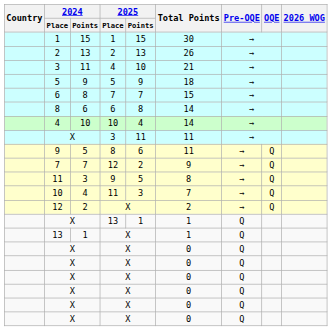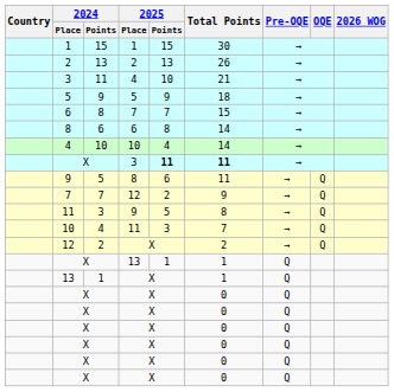 <table class="wikitable sortable" style="text-align:center">
 <tr>
 <th rowspan=2>Country</th>
 <th colspan=2><a href='#'>2024</a></th>
 <th colspan=2><a href='#'>2025</a></th>
 <th rowspan=2>Total Points</th>
 <th rowspan=2><a href='#'>Pre-OQE</a></th>
 <th rowspan=2><a href='#'>OQE</a></th>
 <th rowspan=2><a href='#'>2026 WOG</a></th>
 </tr>
 <tr>
 <th><small>Place</small></th>
 <th><small>Points</small></th>
 <th><small>Place</small></th>
 <th><small>Points</small></th>
 </tr>
 <tr bgcolor=#ccffff>
 <td align=left></td>
 <td>1</td>
 <td>15</td>
 <td>1</td>
 <td>15</td>
 <td>30</td>
 <td colspan=2>→</td>
 <td></td>
 </tr>
 <tr bgcolor=#ccffff>
 <td align=left></td>
 <td>2</td>
 <td>13</td>
 <td>2</td>
 <td>13</td>
 <td>26</td>
 <td colspan=2>→</td>
 <td></td>
 </tr>
 <tr bgcolor=#ccffff>
 <td align=left></td>
 <td>3</td>
 <td>11</td>
 <td>4</td>
 <td>10</td>
 <td>21</td>
 <td colspan=2>→</td>
 <td></td>
 </tr>
 <tr bgcolor=#ccffff>
 <td align=left></td>
 <td>5</td>
 <td>9</td>
 <td>5</td>
 <td>9</td>
 <td>18</td>
 <td colspan=2>→</td>
 <td></td>
 </tr>
 <tr bgcolor=#ccffff>
 <td align=left></td>
 <td>6</td>
 <td>8</td>
 <td>7</td>
 <td>7</td>
 <td>15</td>
 <td colspan=2>→</td>
 <td></td>
 </tr>
 <tr bgcolor=#ccffff>
 <td align=left></td>
 <td>8</td>
 <td>6</td>
 <td>6</td>
 <td>8</td>
 <td>14</td>
 <td colspan=2>→</td>
 <td></td>
 </tr>
 <tr style="background:#ccffcc">
 <td align=left></td>
 <td>4</td>
 <td>10</td>
 <td>10</td>
 <td>4</td>
 <td>14</td>
 <td colspan=2>→</td>
 <td></td>
 </tr>
 <tr bgcolor=#ccffff>
 <td align=left></td>
 <td colspan=2>X</td>
 <td>3</td>
-<td>11</td>
-<td>11</td>
+<td><strong>11</strong></td>
+<td><strong>11</strong></td>
 <td colspan=2>→</td>
 <td></td>
 </tr>
 <tr bgcolor=#ffffcc>
 <td align=left></td>
 <td>9</td>
 <td>5</td>
 <td>8</td>
 <td>6</td>
 <td>11</td>
 <td>→</td>
 <td>Q</td>
 <td></td>
 </tr>
 <tr bgcolor=#ffffcc>
 <td align=left></td>
 <td>7</td>
 <td>7</td>
 <td>12</td>
 <td>2</td>
 <td>9</td>
 <td>→</td>
 <td>Q</td>
 <td></td>
 </tr>
 <tr bgcolor=#ffffcc>
 <td align=left></td>
 <td>11</td>
 <td>3</td>
 <td>9</td>
 <td>5</td>
 <td>8</td>
 <td>→</td>
 <td>Q</td>
 <td></td>
 </tr>
 <tr bgcolor=#ffffcc>
 <td align=left></td>
 <td>10</td>
 <td>4</td>
 <td>11</td>
 <td>3</td>
 <td>7</td>
 <td>→</td>
 <td>Q</td>
 <td></td>
 </tr>
 <tr bgcolor=#ffffcc>
 <td align=left></td>
 <td>12</td>
 <td>2</td>
 <td colspan=2>X</td>
 <td>2</td>
 <td>→</td>
 <td>Q</td>
 <td></td>
 </tr>
 <tr>
 <td align=left></td>
 <td colspan=2>X</td>
 <td>13</td>
 <td>1</td>
 <td>1</td>
 <td>Q</td>
 <td></td>
 <td></td>
 </tr>
 <tr>
 <td align=left></td>
 <td>13</td>
 <td>1</td>
 <td colspan=2>X</td>
 <td>1</td>
 <td>Q</td>
 <td></td>
 <td></td>
 </tr>
 <tr>
 <td align=left></td>
 <td colspan=2>X</td>
 <td colspan=2>X</td>
 <td>0</td>
 <td>Q</td>
 <td></td>
 <td></td>
 </tr>
 <tr>
 <td align=left></td>
 <td colspan=2>X</td>
 <td colspan=2>X</td>
 <td>0</td>
 <td>Q</td>
 <td></td>
 <td></td>
 </tr>
 <tr>
 <td align=left></td>
 <td colspan=2>X</td>
 <td colspan=2>X</td>
 <td>0</td>
 <td>Q</td>
 <td></td>
 <td></td>
 </tr>
 <tr>
 <td align=left></td>
 <td colspan=2>X</td>
 <td colspan=2>X</td>
 <td>0</td>
 <td>Q</td>
 <td></td>
 <td></td>
 </tr>
 <tr>
 <td align=left></td>
 <td colspan=2>X</td>
 <td colspan=2>X</td>
 <td>0</td>
 <td>Q</td>
 <td></td>
 <td></td>
 </tr>
 <tr>
 <td align=left></td>
 <td colspan=2>X</td>
 <td colspan=2>X</td>
 <td>0</td>
 <td>Q</td>
 <td></td>
 <td></td>
 </tr>
 </table>
